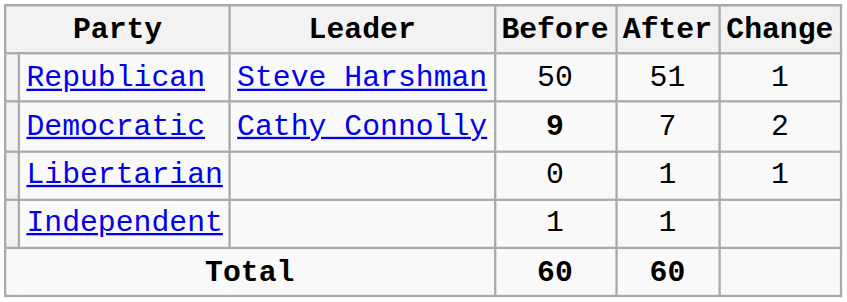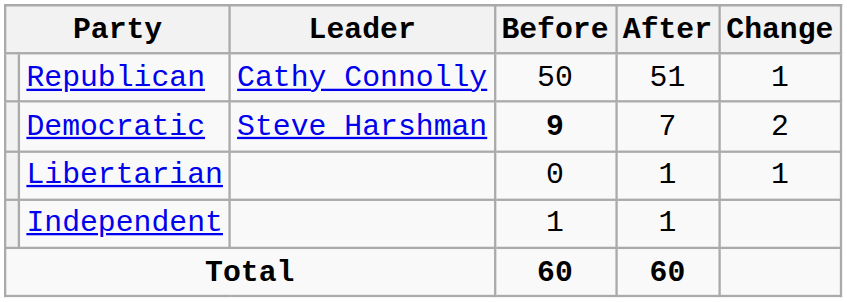 <table class="wikitable" style="text-align:center;">
 <tr>
 </tr>
 <tr>
 <th colspan=2>Party</th>
 <th>Leader</th>
 <th>Before</th>
 <th>After</th>
 <th>Change</th>
 </tr>
 <tr>
 <th style="background-color:"></th>
 <td style="text-align:left;"><a href='#'>Republican</a></td>
-<td style="text-align:left;"><a href='#'>Steve Harshman</a></td>
+<td style="text-align:left;"><a href='#'>Cathy Connolly</a></td>
 <td>50</td>
 <td>51</td>
 <td> 1</td>
 </tr>
 <tr>
 <th style="background-color:"></th>
 <td style="text-align:left;"><a href='#'>Democratic</a></td>
-<td style="text-align:left;"><a href='#'>Cathy Connolly</a></td>
+<td style="text-align:left;"><a href='#'>Steve Harshman</a></td>
 <td><strong>9</strong></td>
 <td>7</td>
 <td> 2</td>
 </tr>
 <tr>
 <th style="background-color:"></th>
 <td style="text-align:left;"><a href='#'>Libertarian</a></td>
 <td></td>
 <td>0</td>
 <td>1</td>
 <td> 1</td>
 </tr>
 <tr>
 <th style="background-color:"></th>
 <td style="text-align:left;"><a href='#'>Independent</a></td>
 <td></td>
 <td>1</td>
 <td>1</td>
 <td></td>
 </tr>
 <tr>
 <td colspan=3><strong>Total</strong></td>
 <td><strong>60</strong></td>
 <td><strong>60</strong></td>
 <td></td>
 </tr>
 </table>
